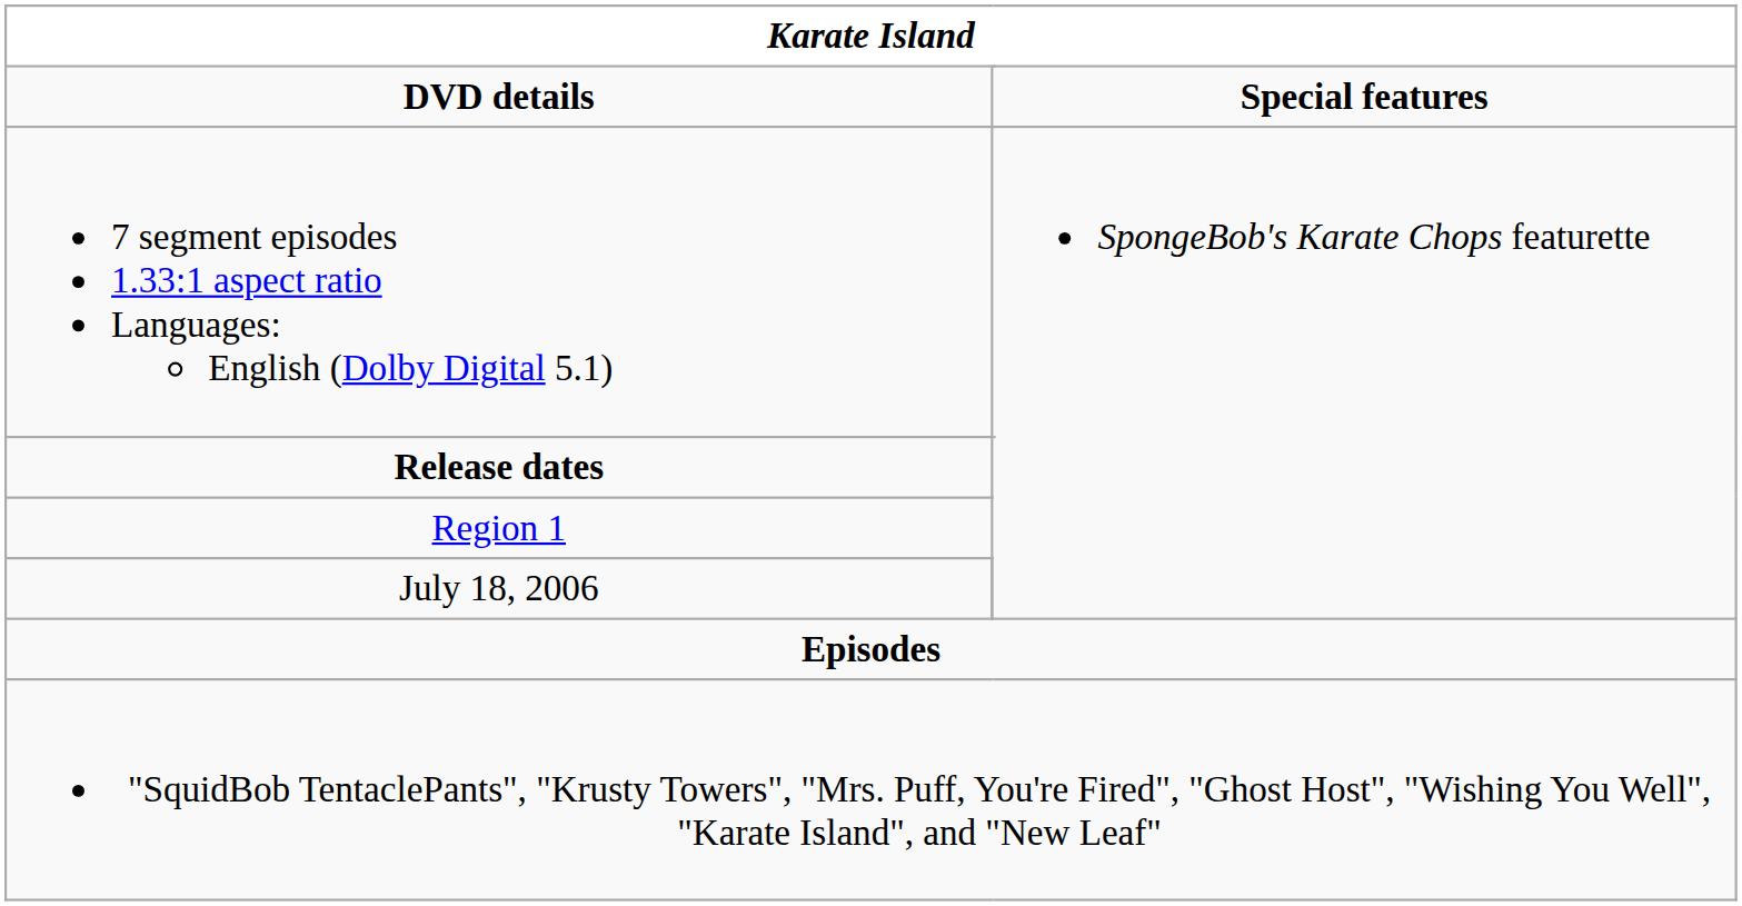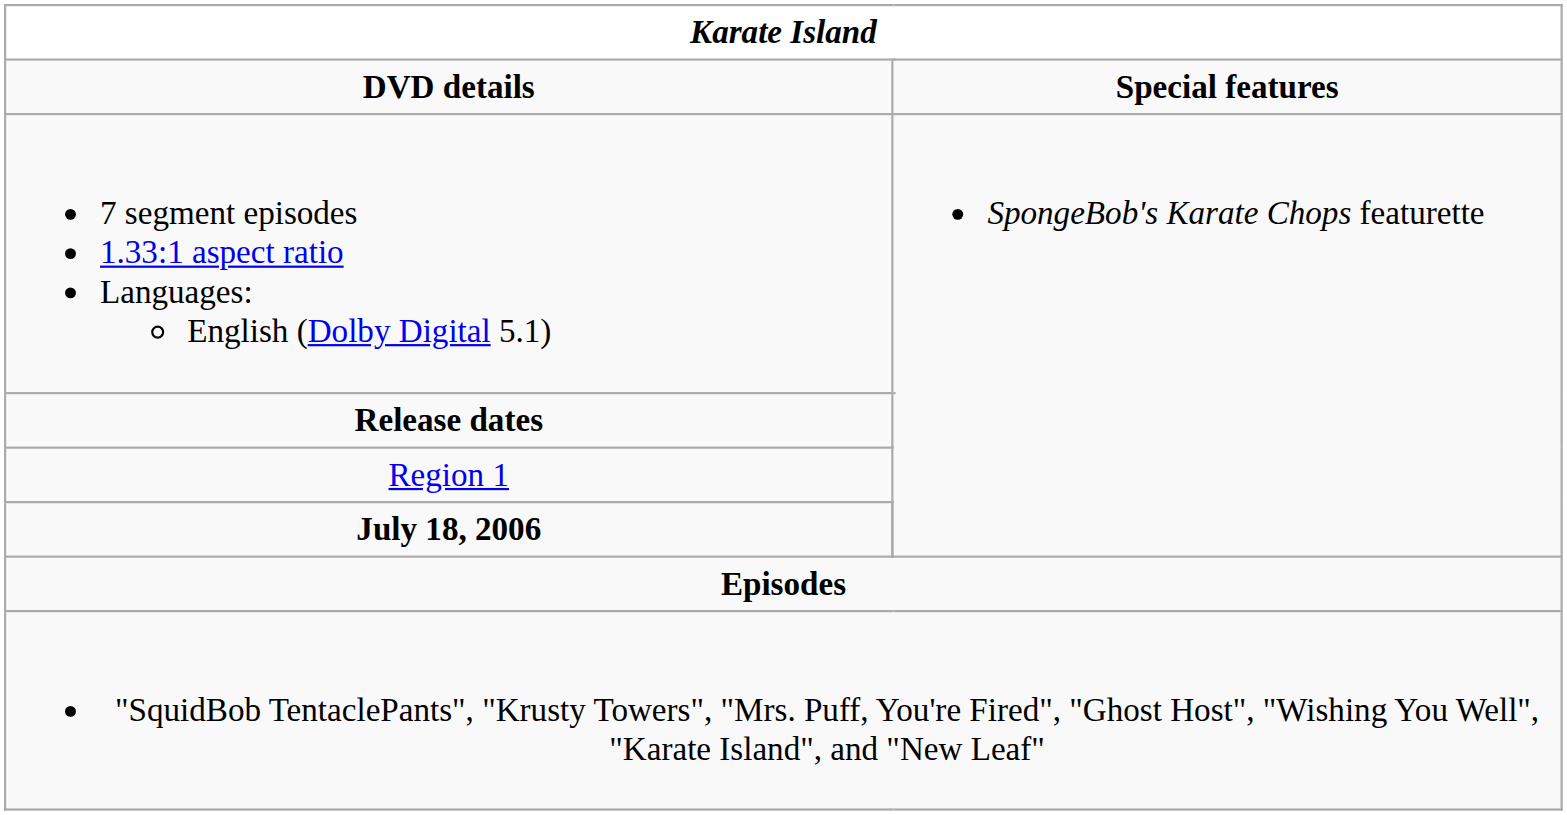 <table class="wikitable" style="font-size: 95%;">
 <tr style="background:#FFF; color:#000;">
 <td colspan="4" align="center"><strong><em>Karate Island</em></strong></td>
 </tr>
 <tr valign="top">
 <td style="text-align:center; width:400px;" colspan="3"><strong>DVD details</strong></td>
 <td style="width:300px; text-align:center;"><strong>Special features</strong></td>
 </tr>
 <tr valign="top">
 <td colspan="3" style="text-align:left; width:400px;"><br><ul><li>7 segment episodes</li><li><a href='#'>1.33:1 aspect ratio</a></li><li>Languages:<ul><li>English (<a href='#'>Dolby Digital</a> 5.1)</li></ul></li></ul></td>
 <td rowspan="4" style="text-align:left; width:300px;"><br><ul><li><em>SpongeBob's Karate Chops</em> featurette</li></ul></td>
 </tr>
 <tr>
 <td colspan="3" style="text-align:center;"><strong>Release dates</strong></td>
 </tr>
 <tr>
 <td colspan="3" style="text-align:center;"><a href='#'>Region 1</a></td>
 </tr>
 <tr style="text-align:center;">
-<td>July 18, 2006</td>
+<td><strong>July 18, 2006</strong></td>
 </tr>
 <tr>
 <td style="text-align:center; width:400px;" colspan="4"><strong>Episodes</strong></td>
 </tr>
 <tr>
 <td style="text-align:center; width:400px;" colspan="4"><br><ul><li>"SquidBob TentaclePants", "Krusty Towers", "Mrs. Puff, You're Fired", "Ghost Host", "Wishing You Well", "Karate Island", and "New Leaf"</li></ul></td>
 </tr>
 </table>
